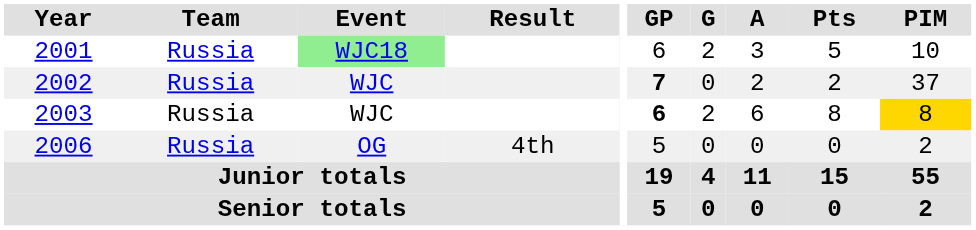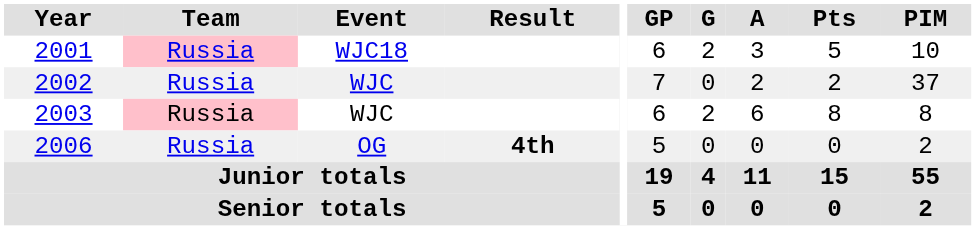 <table border="0" cellpadding="1" cellspacing="0" ID="Table3" style="text-align:center; width:40em">
 <tr ALIGN="center" bgcolor="#e0e0e0">
 <th>Year</th>
 <th>Team</th>
 <th>Event</th>
 <th>Result</th>
 <th rowspan="99" bgcolor="#ffffff"></th>
 <th>GP</th>
 <th>G</th>
 <th>A</th>
 <th>Pts</th>
 <th>PIM</th>
 </tr>
 <tr>
 <td><a href='#'>2001</a></td>
-<td><a href='#'>Russia</a></td>
-<td style="background: lightgreen;"><a href='#'>WJC18</a></td>
+<td style="background: pink;"><a href='#'>Russia</a></td>
+<td><a href='#'>WJC18</a></td>
 <td></td>
 <td>6</td>
 <td>2</td>
 <td>3</td>
 <td>5</td>
 <td>10</td>
 </tr>
 <tr bgcolor="#f0f0f0">
 <td><a href='#'>2002</a></td>
 <td><a href='#'>Russia</a></td>
 <td><a href='#'>WJC</a></td>
 <td></td>
-<td><strong>7</strong></td>
+<td>7</td>
 <td>0</td>
 <td>2</td>
 <td>2</td>
 <td>37</td>
 </tr>
 <tr>
 <td><a href='#'>2003</a></td>
-<td>Russia</td>
+<td style="background: pink;">Russia</td>
 <td>WJC</td>
 <td></td>
-<td><strong>6</strong></td>
+<td>6</td>
 <td>2</td>
 <td>6</td>
 <td>8</td>
-<td style="background: gold;">8</td>
+<td>8</td>
 </tr>
 <tr bgcolor="#f0f0f0">
 <td><a href='#'>2006</a></td>
 <td><a href='#'>Russia</a></td>
 <td><a href='#'>OG</a></td>
-<td>4th</td>
+<td><strong>4th</strong></td>
 <td>5</td>
 <td>0</td>
 <td>0</td>
 <td>0</td>
 <td>2</td>
 </tr>
 <tr bgcolor="#e0e0e0">
 <th colspan="4">Junior totals</th>
 <th>19</th>
 <th>4</th>
 <th>11</th>
 <th>15</th>
 <th>55</th>
 </tr>
 <tr bgcolor="#e0e0e0">
 <th colspan="4">Senior totals</th>
 <th>5</th>
 <th>0</th>
 <th>0</th>
 <th>0</th>
 <th>2</th>
 </tr>
 </table>
